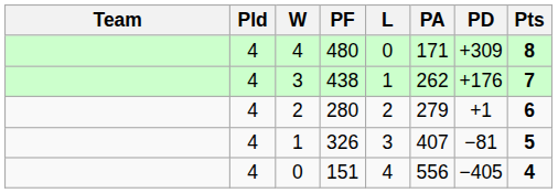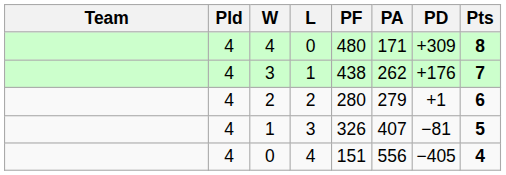 <table class=wikitable style="text-align:center">
 <tr>
 <th width=180>Team</th>
 <th width=30>Pld</th>
 <th width=30>W</th>
+<th width=30>L</th>
 <th width=30>PF</th>
-<th width=30>L</th>
 <th width=30>PA</th>
 <th width=30>PD</th>
 <th width=30>Pts</th>
 </tr>
 <tr align=center bgcolor="#ccffcc">
 <td align=left></td>
 <td>4</td>
 <td>4</td>
+<td>0</td>
 <td>480</td>
-<td>0</td>
 <td>171</td>
 <td>+309</td>
 <td><strong>8</strong></td>
 </tr>
 <tr align=center bgcolor="#ccffcc">
 <td align=left></td>
 <td>4</td>
 <td>3</td>
+<td>1</td>
 <td>438</td>
-<td>1</td>
 <td>262</td>
 <td>+176</td>
 <td><strong>7</strong></td>
 </tr>
 <tr align=center>
 <td align=left></td>
 <td>4</td>
 <td>2</td>
+<td>2</td>
 <td>280</td>
-<td>2</td>
 <td>279</td>
 <td>+1</td>
 <td><strong>6</strong></td>
 </tr>
 <tr align=center>
 <td align=left></td>
 <td>4</td>
 <td>1</td>
+<td>3</td>
 <td>326</td>
-<td>3</td>
 <td>407</td>
 <td>−81</td>
 <td><strong>5</strong></td>
 </tr>
 <tr align=center>
 <td align=left></td>
 <td>4</td>
 <td>0</td>
+<td>4</td>
 <td>151</td>
-<td>4</td>
 <td>556</td>
 <td>−405</td>
 <td><strong>4</strong></td>
 </tr>
 </table>
